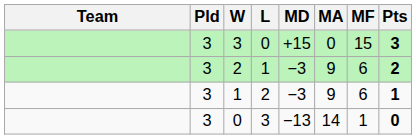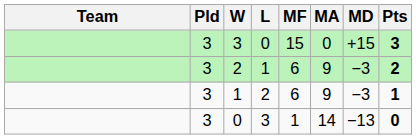 <table class="wikitable" style="text-align:center">
 <tr>
 <th width="175">Team</th>
 <th width="20">Pld</th>
 <th width="20">W</th>
 <th width="20">L</th>
+<th width="20">MF</th>
+<th width="20">MA</th>
 <th width="20">MD</th>
-<th width="20">MA</th>
-<th width="20">MF</th>
 <th width="20">Pts</th>
 </tr>
 <tr bgcolor="bbf3bb">
 <td align="left"></td>
 <td>3</td>
 <td>3</td>
 <td>0</td>
+<td>15</td>
+<td>0</td>
 <td>+15</td>
-<td>0</td>
-<td>15</td>
 <td><strong>3</strong></td>
 </tr>
 <tr bgcolor="bbf3bb">
 <td align="left"></td>
 <td>3</td>
 <td>2</td>
 <td>1</td>
+<td>6</td>
+<td>9</td>
 <td>−3</td>
-<td>9</td>
-<td>6</td>
 <td><strong>2</strong></td>
 </tr>
 <tr>
 <td align="left"></td>
 <td>3</td>
 <td>1</td>
 <td>2</td>
+<td>6</td>
+<td>9</td>
 <td>−3</td>
-<td>9</td>
-<td>6</td>
 <td><strong>1</strong></td>
 </tr>
 <tr>
 <td align="left"></td>
 <td>3</td>
 <td>0</td>
 <td>3</td>
+<td>1</td>
+<td>14</td>
 <td>−13</td>
-<td>14</td>
-<td>1</td>
 <td><strong>0</strong></td>
 </tr>
 </table>
